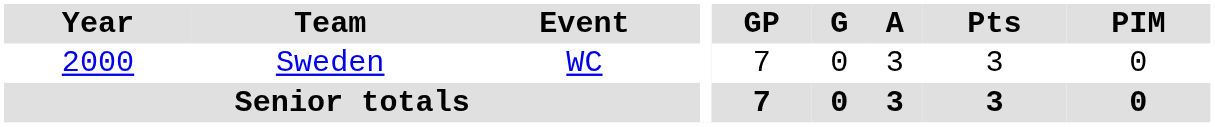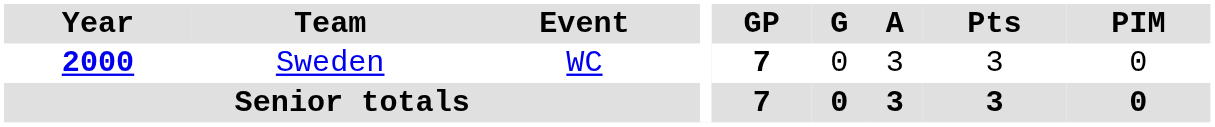 <table border="0" cellpadding="1" cellspacing="0" ID="Table3" style="text-align:center; width:40em">
 <tr bgcolor="#e0e0e0">
 <th>Year</th>
 <th>Team</th>
 <th>Event</th>
 <th rowspan="102" bgcolor="#ffffff"></th>
 <th>GP</th>
 <th>G</th>
 <th>A</th>
 <th>Pts</th>
 <th>PIM</th>
 </tr>
 <tr>
-<td><a href='#'>2000</a></td>
+<td><strong><a href='#'>2000</a></strong></td>
 <td><a href='#'>Sweden</a></td>
 <td><a href='#'>WC</a></td>
-<td>7</td>
+<td><strong>7</strong></td>
 <td>0</td>
 <td>3</td>
 <td>3</td>
 <td>0</td>
 </tr>
 <tr bgcolor="#e0e0e0">
 <th colspan="3">Senior totals</th>
 <th>7</th>
 <th>0</th>
 <th>3</th>
 <th>3</th>
 <th>0</th>
 </tr>
 </table>
